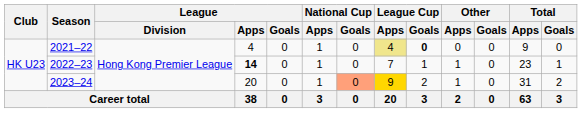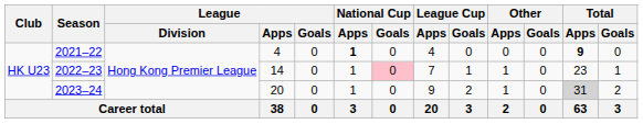 <table class="wikitable" style="text-align: center">
 <tr>
 <th rowspan="2">Club</th>
 <th rowspan="2">Season</th>
 <th colspan="3">League</th>
 <th colspan="2">National Cup</th>
 <th colspan="2">League Cup</th>
 <th colspan="2">Other</th>
 <th colspan="2">Total</th>
 </tr>
 <tr>
 <th>Division</th>
 <th>Apps</th>
 <th>Goals</th>
 <th>Apps</th>
 <th>Goals</th>
 <th>Apps</th>
 <th>Goals</th>
 <th>Apps</th>
 <th>Goals</th>
 <th>Apps</th>
 <th>Goals</th>
 </tr>
 <tr>
 <td rowspan="3"><a href='#'>HK U23</a></td>
 <td><a href='#'>2021–22</a></td>
 <td rowspan="3"><a href='#'>Hong Kong Premier League</a></td>
 <td>4</td>
 <td>0</td>
-<td>1</td>
+<td><strong>1</strong></td>
 <td>0</td>
-<td style="background: khaki;">4</td>
-<td><strong>0</strong></td>
+<td>4</td>
 <td>0</td>
 <td>0</td>
-<td>9</td>
+<td>0</td>
+<td><strong>9</strong></td>
 <td>0</td>
 </tr>
 <tr>
 <td><a href='#'>2022–23</a></td>
-<td><strong>14</strong></td>
+<td>14</td>
 <td>0</td>
 <td>1</td>
-<td>0</td>
+<td style="background: pink;">0</td>
 <td>7</td>
 <td>1</td>
 <td>1</td>
 <td>0</td>
 <td>23</td>
 <td>1</td>
 </tr>
 <tr>
 <td><a href='#'>2023–24</a></td>
 <td>20</td>
 <td>0</td>
 <td>1</td>
-<td style="background: lightsalmon;">0</td>
-<td style="background: gold;">9</td>
+<td>0</td>
+<td>9</td>
 <td>2</td>
 <td>1</td>
 <td>0</td>
-<td>31</td>
+<td style="background: lightgrey;">31</td>
 <td>2</td>
 </tr>
 <tr>
 <th colspan=3>Career total</th>
 <th>38</th>
 <th>0</th>
 <th>3</th>
 <th>0</th>
 <th>20</th>
 <th>3</th>
 <th>2</th>
 <th>0</th>
 <th>63</th>
 <th>3</th>
 </tr>
 </table>
